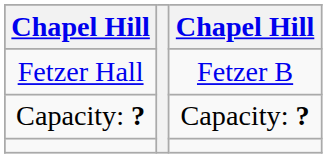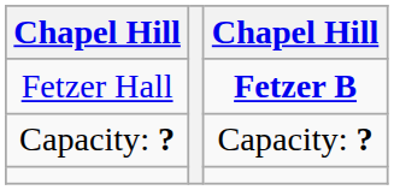 <table class="wikitable" style="text-align:center">
 <tr>
 <th><a href='#'>Chapel Hill</a></th>
 <th rowspan=4></th>
 <th><a href='#'>Chapel Hill</a></th>
 </tr>
 <tr>
 <td><a href='#'>Fetzer Hall</a></td>
-<td><a href='#'>Fetzer B</a></td>
+<td><strong><a href='#'>Fetzer B</a></strong></td>
 </tr>
 <tr>
 <td>Capacity: <strong>?</strong></td>
 <td>Capacity: <strong>?</strong></td>
 </tr>
 <tr>
 <td></td>
 <td></td>
 </tr>
 </table>
